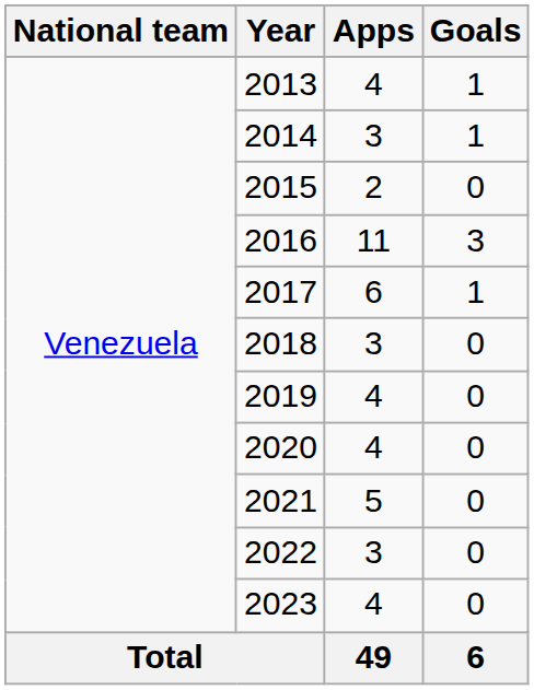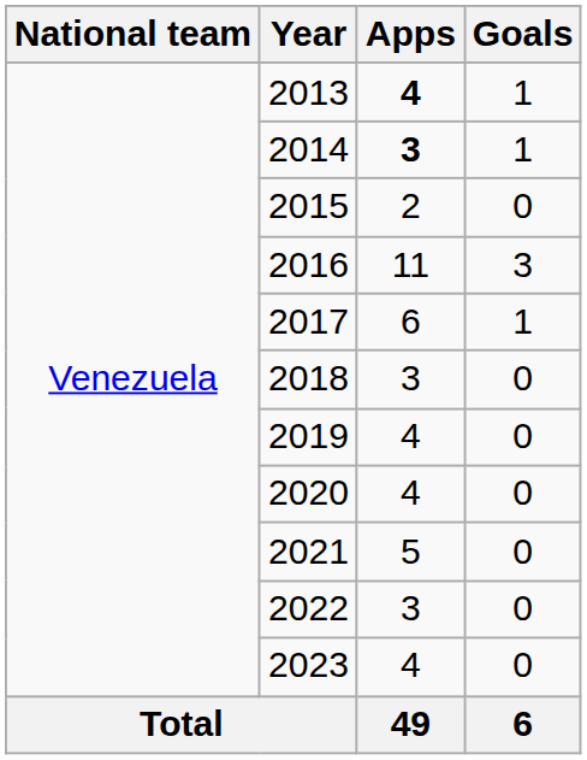 <table class=wikitable style=text-align:center>
 <tr>
 <th>National team</th>
 <th>Year</th>
 <th>Apps</th>
 <th>Goals</th>
 </tr>
 <tr>
 <td rowspan="11"><a href='#'>Venezuela</a></td>
 <td>2013</td>
-<td>4</td>
+<td><strong>4</strong></td>
 <td>1</td>
 </tr>
 <tr>
 <td>2014</td>
-<td>3</td>
+<td><strong>3</strong></td>
 <td>1</td>
 </tr>
 <tr>
 <td>2015</td>
 <td>2</td>
 <td>0</td>
 </tr>
 <tr>
 <td>2016</td>
 <td>11</td>
 <td>3</td>
 </tr>
 <tr>
 <td>2017</td>
 <td>6</td>
 <td>1</td>
 </tr>
 <tr>
 <td>2018</td>
 <td>3</td>
 <td>0</td>
 </tr>
 <tr>
 <td>2019</td>
 <td>4</td>
 <td>0</td>
 </tr>
 <tr>
 <td>2020</td>
 <td>4</td>
 <td>0</td>
 </tr>
 <tr>
 <td>2021</td>
 <td>5</td>
 <td>0</td>
 </tr>
 <tr>
 <td>2022</td>
 <td>3</td>
 <td>0</td>
 </tr>
 <tr>
 <td>2023</td>
 <td>4</td>
 <td>0</td>
 </tr>
 <tr>
 <th colspan=2>Total</th>
 <th>49</th>
 <th>6</th>
 </tr>
 </table>
